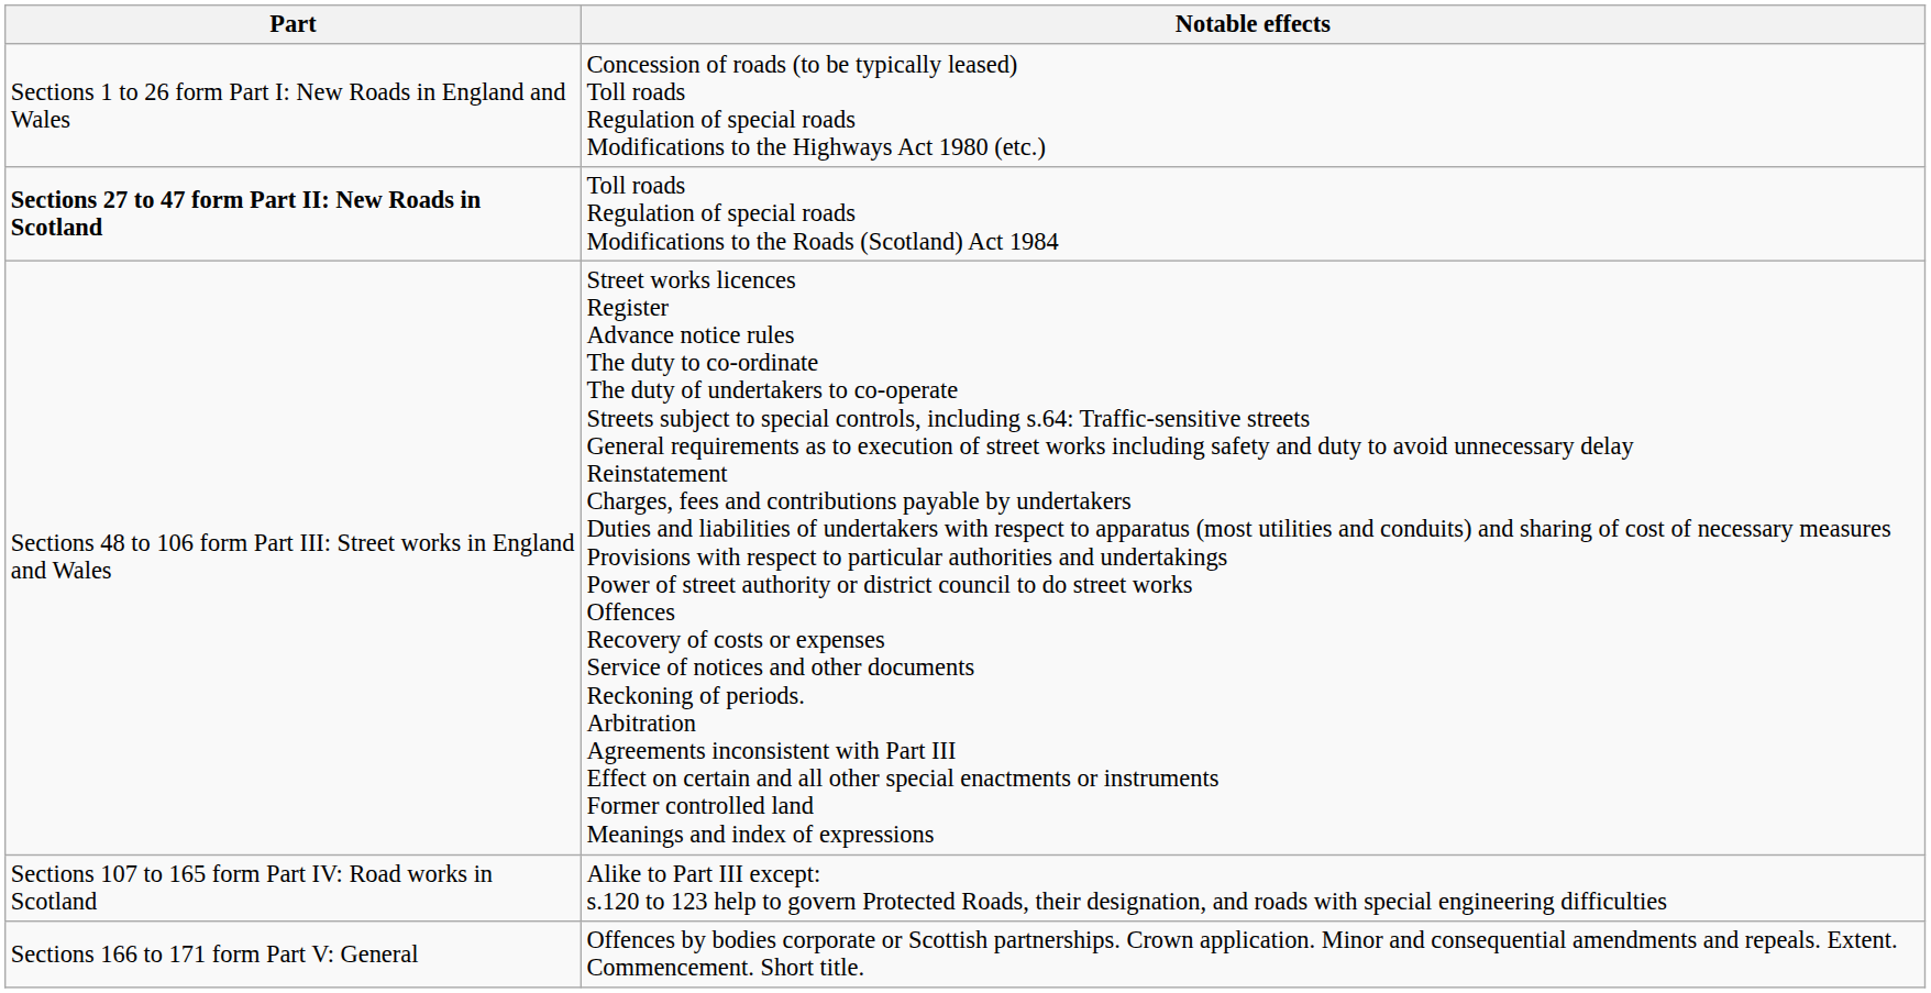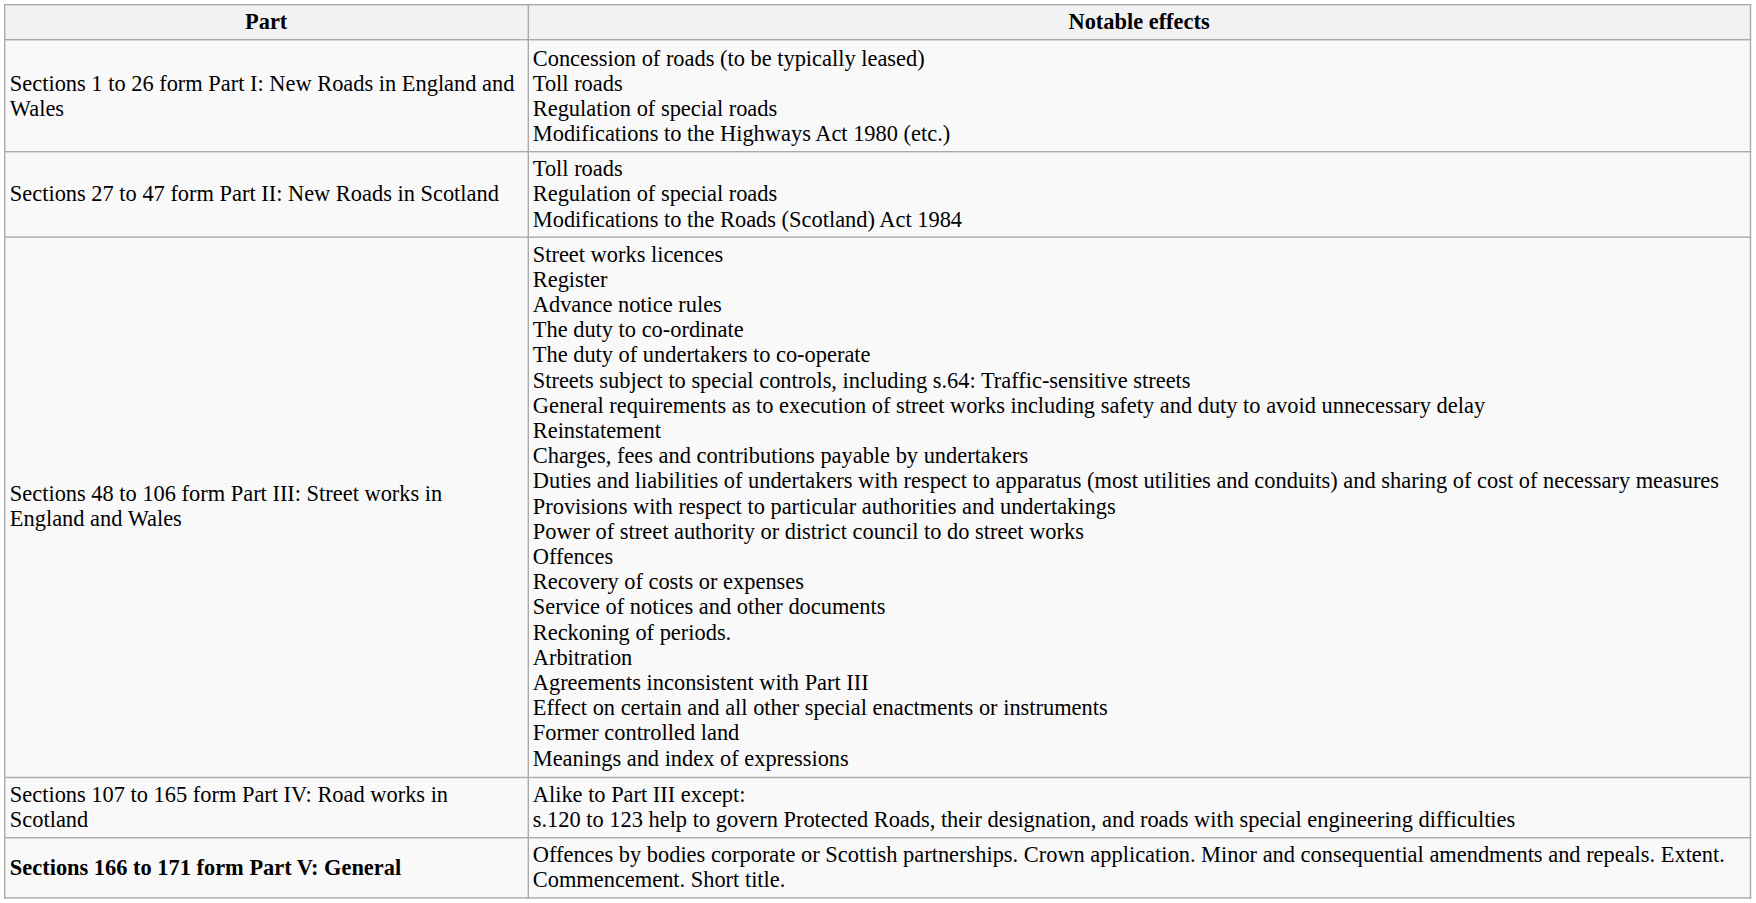 <table class= "wikitable">
 <tr>
 <th>Part</th>
 <th>Notable effects</th>
 </tr>
 <tr>
 <td>Sections 1 to 26 form Part I: New Roads in England and Wales</td>
 <td>Concession of roads (to be typically leased)<br>Toll roads<br>Regulation of special roads<br>Modifications to the Highways Act 1980 (etc.)</td>
 </tr>
 <tr>
-<td><strong>Sections 27 to 47 form Part II: New Roads in Scotland</strong></td>
+<td>Sections 27 to 47 form Part II: New Roads in Scotland</td>
 <td>Toll roads<br>Regulation of special roads<br>Modifications to the Roads (Scotland) Act 1984</td>
 </tr>
 <tr>
 <td>Sections 48 to 106 form Part III: Street works in England and Wales</td>
 <td>Street works licences<br>Register<br>Advance notice rules<br>The duty to co-ordinate<br>The duty of undertakers to co-operate<br>Streets subject to special controls, including s.64: Traffic-sensitive streets<br>General requirements as to execution of street works including safety and duty to avoid unnecessary delay<br>Reinstatement<br>Charges, fees and contributions payable by undertakers<br>Duties and liabilities of undertakers with respect to apparatus (most utilities and conduits) and sharing of cost of necessary measures<br>Provisions with respect to particular authorities and undertakings<br>Power of street authority or district council to do street works<br>Offences<br>Recovery of costs or expenses<br>Service of notices and other documents<br>Reckoning of periods.<br>Arbitration<br>Agreements inconsistent  with Part III<br>Effect on certain and all other special enactments or instruments<br>Former controlled land<br>Meanings and index of expressions</td>
 </tr>
 <tr>
 <td>Sections 107 to 165 form Part IV: Road works in Scotland</td>
 <td>Alike to Part III except:<br>s.120 to 123 help to govern Protected Roads, their designation, and roads with special engineering difficulties</td>
 </tr>
 <tr>
-<td>Sections 166 to 171 form Part V: General</td>
+<td><strong>Sections 166 to 171 form Part V: General</strong></td>
 <td>Offences by bodies corporate or Scottish partnerships. Crown application. Minor and consequential amendments and repeals. Extent. Commencement. Short title.</td>
 </tr>
 </table>
